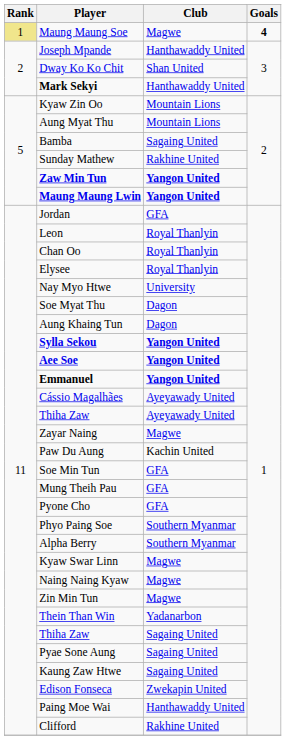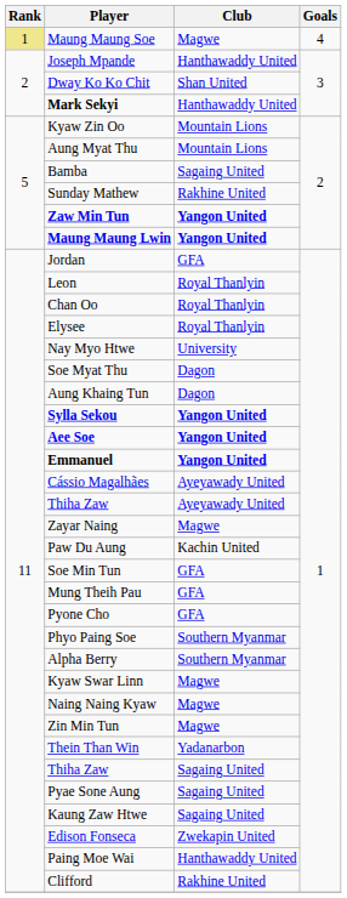 <table class="wikitable sortable" style="text-align:center">
 <tr>
 <th>Rank</th>
 <th>Player</th>
 <th>Club</th>
 <th>Goals</th>
 </tr>
 <tr>
 <td style="background: khaki;">1</td>
 <td align="left"> <a href='#'>Maung Maung Soe</a></td>
 <td align="left"><a href='#'>Magwe</a></td>
-<td><strong>4</strong></td>
+<td>4</td>
 </tr>
 <tr>
 <td rowspan="3">2</td>
 <td align="left"> <a href='#'>Joseph Mpande</a></td>
 <td align="left"><a href='#'>Hanthawaddy United</a></td>
 <td rowspan="3">3</td>
 </tr>
 <tr>
 <td align="left"> <a href='#'>Dway Ko Ko Chit</a></td>
 <td align="left"><a href='#'>Shan United</a></td>
 </tr>
 <tr>
 <td align="left"><strong> Mark Sekyi</strong></td>
 <td align="left"><a href='#'>Hanthawaddy United</a></td>
 </tr>
 <tr>
 <td rowspan="6">5</td>
 <td align="left"> Kyaw Zin Oo</td>
 <td align="left"><a href='#'>Mountain Lions</a></td>
 <td rowspan="6">2</td>
 </tr>
 <tr>
 <td align="left"> Aung Myat Thu</td>
 <td align="left"><a href='#'>Mountain Lions</a></td>
 </tr>
 <tr>
 <td align="left"> Bamba</td>
 <td align="left"><a href='#'>Sagaing United</a></td>
 </tr>
 <tr>
 <td align="left"> Sunday Mathew</td>
 <td align="left"><a href='#'>Rakhine United</a></td>
 </tr>
 <tr>
 <td align="left"> <strong><a href='#'>Zaw Min Tun</a></strong></td>
 <td align="left"><strong><a href='#'>Yangon United</a></strong></td>
 </tr>
 <tr>
 <td align="left"> <strong><a href='#'>Maung Maung Lwin</a></strong></td>
 <td align="left"><strong><a href='#'>Yangon United</a></strong></td>
 </tr>
 <tr>
 <td rowspan="29">11</td>
 <td align="left"> Jordan</td>
 <td align="left"><a href='#'>GFA</a></td>
 <td rowspan="29">1</td>
 </tr>
 <tr>
 <td align="left"> Leon</td>
 <td align="left"><a href='#'>Royal Thanlyin</a></td>
 </tr>
 <tr>
 <td align="left"> Chan Oo</td>
 <td align="left"><a href='#'>Royal Thanlyin</a></td>
 </tr>
 <tr>
 <td align="left"> Elysee</td>
 <td align="left"><a href='#'>Royal Thanlyin</a></td>
 </tr>
 <tr>
 <td align="left"> Nay Myo Htwe</td>
 <td align="left"><a href='#'>University</a></td>
 </tr>
 <tr>
 <td align="left"> Soe Myat Thu</td>
 <td align="left"><a href='#'>Dagon</a></td>
 </tr>
 <tr>
 <td align="left"> Aung Khaing Tun</td>
 <td align="left"><a href='#'>Dagon</a></td>
 </tr>
 <tr>
 <td align="left"> <strong><a href='#'>Sylla Sekou</a></strong></td>
 <td align="left"><strong><a href='#'>Yangon United</a></strong></td>
 </tr>
 <tr>
 <td align="left"> <strong><a href='#'>Aee Soe</a></strong></td>
 <td align="left"><strong><a href='#'>Yangon United</a></strong></td>
 </tr>
 <tr>
 <td align="left"> <strong>Emmanuel</strong></td>
 <td align="left"><strong><a href='#'>Yangon United</a></strong></td>
 </tr>
 <tr>
 <td align="left"> <a href='#'>Cássio Magalhães</a></td>
 <td align="left"><a href='#'>Ayeyawady United</a></td>
 </tr>
 <tr>
 <td align="left"> <a href='#'>Thiha Zaw</a></td>
 <td align="left"><a href='#'>Ayeyawady United</a></td>
 </tr>
 <tr>
 <td align="left"> Zayar Naing</td>
 <td align="left"><a href='#'>Magwe</a></td>
 </tr>
 <tr>
 <td align="left"> Paw Du Aung</td>
 <td align="left">Kachin United</td>
 </tr>
 <tr>
 <td align="left"> Soe Min Tun</td>
 <td align="left"><a href='#'>GFA</a></td>
 </tr>
 <tr>
 <td align="left"> Mung Theih Pau</td>
 <td align="left"><a href='#'>GFA</a></td>
 </tr>
 <tr>
 <td align="left"> Pyone Cho</td>
 <td align="left"><a href='#'>GFA</a></td>
 </tr>
 <tr>
 <td align="left"> Phyo Paing Soe</td>
 <td align="left"><a href='#'>Southern Myanmar</a></td>
 </tr>
 <tr>
 <td align="left"> Alpha Berry</td>
 <td align="left"><a href='#'>Southern Myanmar</a></td>
 </tr>
 <tr>
 <td align="left"> Kyaw Swar Linn</td>
 <td align="left"><a href='#'>Magwe</a></td>
 </tr>
 <tr>
 <td align="left"> Naing Naing Kyaw</td>
 <td align="left"><a href='#'>Magwe</a></td>
 </tr>
 <tr>
 <td align="left"> Zin Min Tun</td>
 <td align="left"><a href='#'>Magwe</a></td>
 </tr>
 <tr>
 <td align="left"> <a href='#'>Thein Than Win</a></td>
 <td align="left"><a href='#'>Yadanarbon</a></td>
 </tr>
 <tr>
 <td align="left"> <a href='#'>Thiha Zaw</a></td>
 <td align="left"><a href='#'>Sagaing United</a></td>
 </tr>
 <tr>
 <td align="left"> Pyae Sone Aung</td>
 <td align="left"><a href='#'>Sagaing United</a></td>
 </tr>
 <tr>
 <td align="left"> Kaung Zaw Htwe</td>
 <td align="left"><a href='#'>Sagaing United</a></td>
 </tr>
 <tr>
 <td align="left"> <a href='#'>Edison Fonseca</a></td>
 <td align="left"><a href='#'>Zwekapin United</a></td>
 </tr>
 <tr>
 <td align="left"> Paing Moe Wai</td>
 <td align="left"><a href='#'>Hanthawaddy United</a></td>
 </tr>
 <tr>
 <td align="left"> Clifford</td>
 <td align="left"><a href='#'>Rakhine United</a></td>
 </tr>
 <tr>
 </tr>
 </table>
